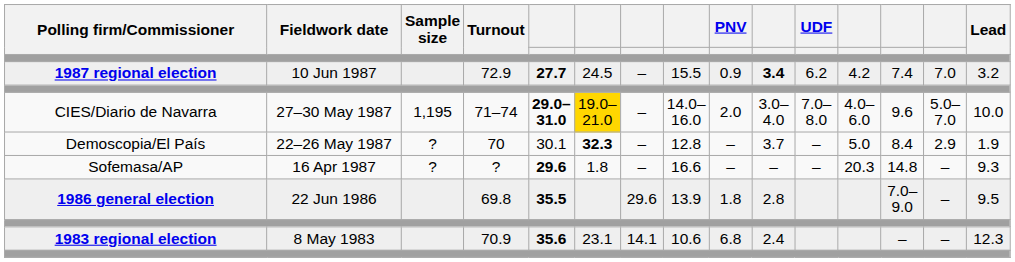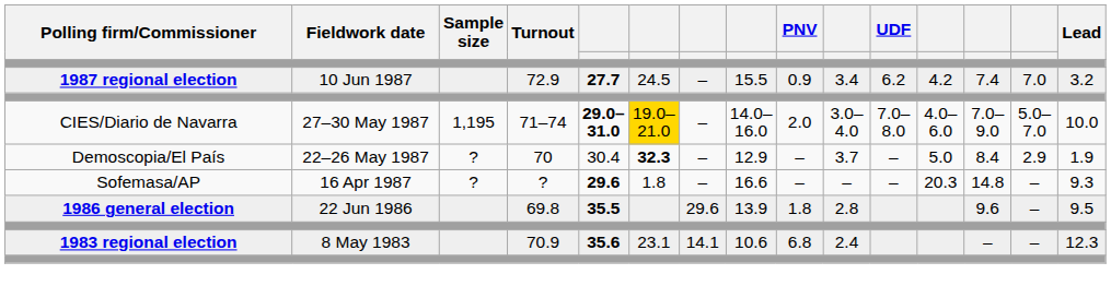 <table class="wikitable collapsible collapsed" style="text-align:center; font-size:95%; line-height:16px;">
 <tr style="height:42px;">
 <th style="width:250px;" rowspan="2">Polling firm/Commissioner</th>
 <th style="width:125px;" rowspan="2">Fieldwork date</th>
 <th style="width:50px;" rowspan="2">Sample size</th>
 <th style="width:45px;" rowspan="2">Turnout</th>
 <th style="width:35px;"></th>
 <th style="width:35px;"></th>
 <th style="width:35px;"></th>
 <th style="width:35px;"></th>
 <th style="width:35px;"><a href='#'>PNV</a></th>
 <th style="width:35px;"></th>
 <th style="width:35px;"><a href='#'>UDF</a></th>
 <th style="width:35px;"></th>
 <th style="width:35px;"></th>
 <th style="width:35px;"></th>
 <th style="width:30px;" rowspan="2">Lead</th>
 </tr>
 <tr>
 <th style="color:inherit;background:"></th>
 <th style="color:inherit;background:"></th>
 <th style="color:inherit;background:"></th>
 <th style="color:inherit;background:"></th>
 <th style="color:inherit;background:"></th>
 <th style="color:inherit;background:"></th>
 <th style="color:inherit;background:"></th>
 <th style="color:inherit;background:"></th>
 <th style="color:inherit;background:"></th>
 <th style="color:inherit;background:"></th>
 </tr>
 <tr>
 <td colspan="15" style="background:#A0A0A0"></td>
 </tr>
 <tr style="background:#EFEFEF;">
 <td><strong><a href='#'>1987 regional election</a></strong></td>
 <td>10 Jun 1987</td>
 <td></td>
 <td>72.9</td>
 <td><strong>27.7</strong><br></td>
 <td>24.5<br></td>
 <td>–</td>
 <td>15.5<br></td>
 <td>0.9<br></td>
-<td><strong>3.4<br></strong></td>
+<td>3.4<br></td>
 <td>6.2<br></td>
 <td>4.2<br></td>
 <td>7.4<br></td>
 <td>7.0<br></td>
 <td style="background:">3.2</td>
 </tr>
 <tr>
 <td colspan="15" style="background:#A0A0A0"></td>
 </tr>
 <tr>
 <td>CIES/Diario de Navarra</td>
 <td>27–30 May 1987</td>
 <td>1,195</td>
 <td>71–74</td>
 <td><strong>29.0–<br>31.0</strong><br></td>
 <td style="background: gold;">19.0–<br>21.0<br></td>
 <td>–</td>
 <td>14.0–<br>16.0<br></td>
 <td>2.0<br></td>
 <td>3.0–<br>4.0<br></td>
 <td>7.0–<br>8.0<br></td>
 <td>4.0–<br>6.0<br></td>
-<td>9.6<br></td>
+<td>7.0–<br>9.0<br></td>
 <td>5.0–<br>7.0<br></td>
 <td style="background:">10.0</td>
 </tr>
 <tr>
 <td>Demoscopia/El País</td>
 <td>22–26 May 1987</td>
 <td>?</td>
 <td>70</td>
-<td>30.1<br></td>
+<td>30.4<br></td>
 <td><strong>32.3</strong><br></td>
 <td>–</td>
-<td>12.8<br></td>
+<td>12.9<br></td>
 <td>–</td>
 <td>3.7<br></td>
 <td>–</td>
 <td>5.0<br></td>
 <td>8.4<br></td>
 <td>2.9<br></td>
 <td style="background:">1.9</td>
 </tr>
 <tr>
 <td>Sofemasa/AP</td>
 <td>16 Apr 1987</td>
 <td>?</td>
 <td>?</td>
 <td><strong>29.6</strong></td>
 <td>1.8</td>
 <td>–</td>
 <td>16.6</td>
 <td>–</td>
 <td>–</td>
 <td>–</td>
 <td>20.3</td>
 <td>14.8</td>
 <td>–</td>
 <td style="background:">9.3</td>
 </tr>
 <tr style="background:#EFEFEF;">
 <td><strong><a href='#'>1986 general election</a></strong></td>
 <td>22 Jun 1986</td>
 <td></td>
 <td>69.8</td>
 <td><strong>35.5</strong><br></td>
 <td></td>
 <td>29.6<br></td>
 <td>13.9<br></td>
 <td>1.8<br></td>
 <td>2.8<br></td>
 <td></td>
 <td></td>
-<td>7.0–<br>9.0<br></td>
+<td>9.6<br></td>
 <td>–</td>
 <td style="background:">9.5</td>
 </tr>
 <tr>
 <td colspan="15" style="background:#A0A0A0"></td>
 </tr>
 <tr style="background:#EFEFEF;">
 <td><strong><a href='#'>1983 regional election</a></strong></td>
 <td>8 May 1983</td>
 <td></td>
 <td>70.9</td>
 <td><strong>35.6</strong><br></td>
 <td>23.1<br></td>
 <td>14.1<br></td>
 <td>10.6<br></td>
 <td>6.8<br></td>
 <td>2.4<br></td>
 <td></td>
 <td></td>
 <td>–</td>
 <td>–</td>
 <td style="background:">12.3</td>
 </tr>
 <tr>
 <td colspan="15" style="background:#A0A0A0"></td>
 </tr>
 </table>
